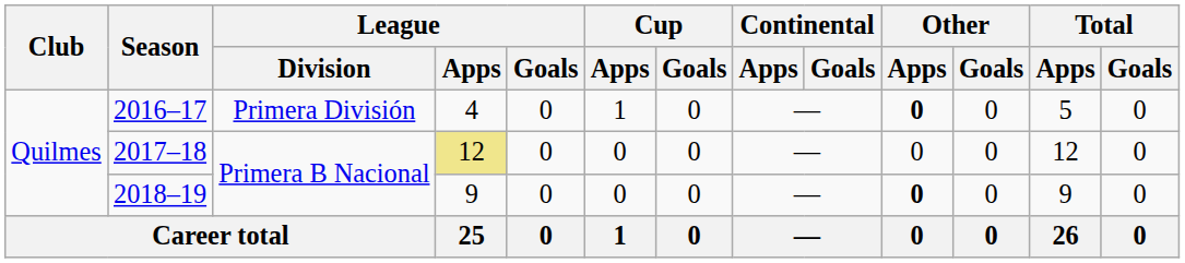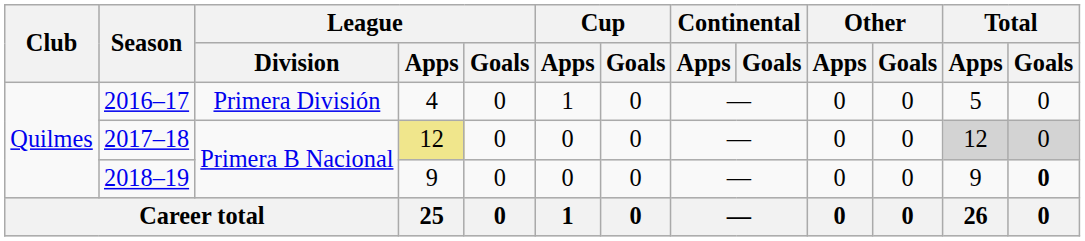 <table class="wikitable" style="text-align:center">
 <tr>
 <th rowspan="2">Club</th>
 <th rowspan="2">Season</th>
 <th colspan="3">League</th>
 <th colspan="2">Cup</th>
 <th colspan="2">Continental</th>
 <th colspan="2">Other</th>
 <th colspan="2">Total</th>
 </tr>
 <tr>
 <th>Division</th>
 <th>Apps</th>
 <th>Goals</th>
 <th>Apps</th>
 <th>Goals</th>
 <th>Apps</th>
 <th>Goals</th>
 <th>Apps</th>
 <th>Goals</th>
 <th>Apps</th>
 <th>Goals</th>
 </tr>
 <tr>
 <td rowspan="3"><a href='#'>Quilmes</a></td>
 <td><a href='#'>2016–17</a></td>
 <td rowspan="1"><a href='#'>Primera División</a></td>
 <td>4</td>
 <td>0</td>
 <td>1</td>
 <td>0</td>
 <td colspan="2">—</td>
-<td><strong>0</strong></td>
+<td>0</td>
 <td>0</td>
 <td>5</td>
 <td>0</td>
 </tr>
 <tr>
 <td><a href='#'>2017–18</a></td>
 <td rowspan="2"><a href='#'>Primera B Nacional</a></td>
 <td style="background: khaki;">12</td>
 <td>0</td>
 <td>0</td>
 <td>0</td>
 <td colspan="2">—</td>
 <td>0</td>
 <td>0</td>
-<td>12</td>
-<td>0</td>
+<td style="background: lightgrey;">12</td>
+<td style="background: lightgrey;">0</td>
 </tr>
 <tr>
 <td><a href='#'>2018–19</a></td>
 <td>9</td>
 <td>0</td>
 <td>0</td>
 <td>0</td>
 <td colspan="2">—</td>
-<td><strong>0</strong></td>
+<td>0</td>
 <td>0</td>
 <td>9</td>
-<td>0</td>
+<td><strong>0</strong></td>
 </tr>
 <tr>
 <th colspan="3">Career total</th>
 <th>25</th>
 <th>0</th>
 <th>1</th>
 <th>0</th>
 <th colspan="2">—</th>
 <th>0</th>
 <th>0</th>
 <th>26</th>
 <th>0</th>
 </tr>
 </table>
